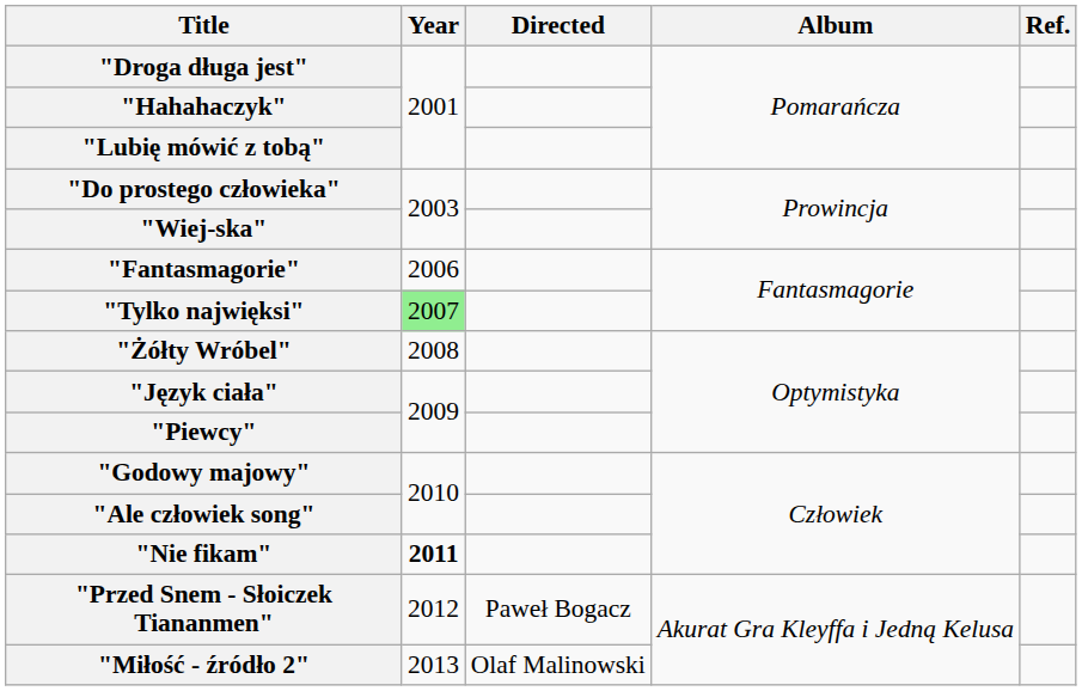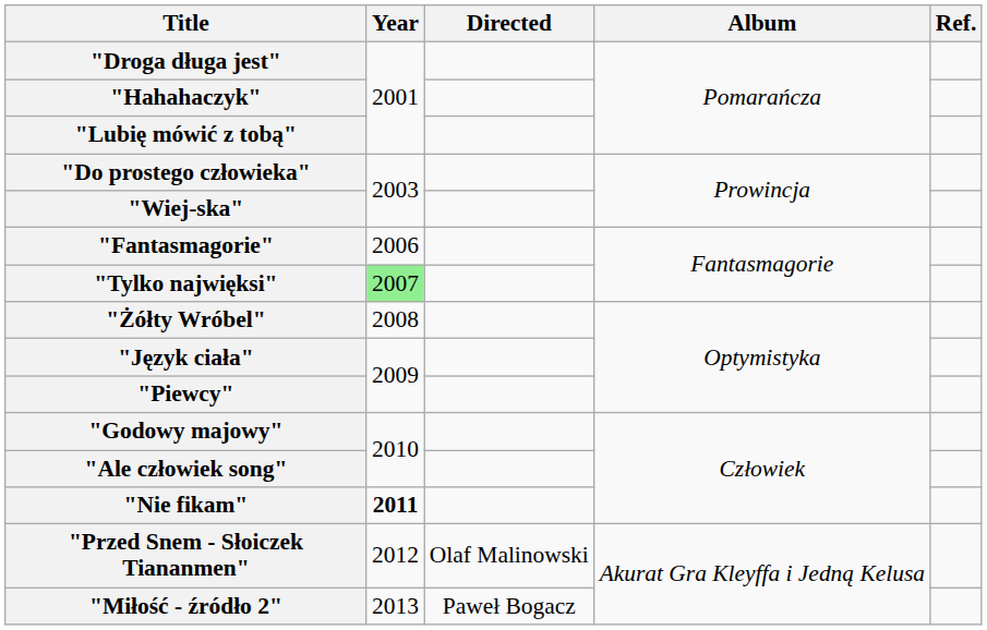 <table class="wikitable plainrowheaders" style="text-align:center;">
 <tr>
 <th scope="col" style="width:15em;">Title</th>
 <th scope="col">Year</th>
 <th scope="col">Directed</th>
 <th scope="col">Album</th>
 <th scope="col">Ref.</th>
 </tr>
 <tr>
 <th scope="row">"Droga długa jest"</th>
 <td rowspan=3>2001</td>
 <td></td>
 <td rowspan=3><em>Pomarańcza</em></td>
 <td></td>
 </tr>
 <tr>
 <th scope="row">"Hahahaczyk"</th>
 <td></td>
 <td></td>
 </tr>
 <tr>
 <th scope="row">"Lubię mówić z tobą"</th>
 <td></td>
 <td></td>
 </tr>
 <tr>
 <th scope="row">"Do prostego człowieka"</th>
 <td rowspan=2>2003</td>
 <td></td>
 <td rowspan=2><em>Prowincja</em></td>
 <td></td>
 </tr>
 <tr>
 <th scope="row">"Wiej-ska"</th>
 <td></td>
 <td></td>
 </tr>
 <tr>
 <th scope="row">"Fantasmagorie"</th>
 <td>2006</td>
 <td></td>
 <td rowspan=2><em>Fantasmagorie</em></td>
 <td></td>
 </tr>
 <tr>
 <th scope="row">"Tylko najwięksi"</th>
 <td style="background: lightgreen;">2007</td>
 <td></td>
 <td></td>
 </tr>
 <tr>
 <th scope="row">"Żółty Wróbel"</th>
 <td>2008</td>
 <td></td>
 <td rowspan=3><em>Optymistyka</em></td>
 <td></td>
 </tr>
 <tr>
 <th scope="row">"Język ciała"</th>
 <td rowspan=2>2009</td>
 <td></td>
 <td></td>
 </tr>
 <tr>
 <th scope="row">"Piewcy"</th>
 <td></td>
 <td></td>
 </tr>
 <tr>
 <th scope="row">"Godowy majowy"</th>
 <td rowspan=2>2010</td>
 <td></td>
 <td rowspan=3><em>Człowiek</em></td>
 <td></td>
 </tr>
 <tr>
 <th scope="row">"Ale człowiek song"</th>
 <td></td>
 <td></td>
 </tr>
 <tr>
 <th scope="row">"Nie fikam"</th>
 <td><strong>2011</strong></td>
 <td></td>
 <td></td>
 </tr>
 <tr>
 <th scope="row">"Przed Snem - Słoiczek Tiananmen"</th>
 <td>2012</td>
-<td>Paweł Bogacz</td>
+<td>Olaf Malinowski</td>
 <td rowspan=2><em>Akurat Gra Kleyffa i Jedną Kelusa</em></td>
 <td></td>
 </tr>
 <tr>
 <th scope="row">"Miłość - źródło 2"</th>
 <td>2013</td>
-<td>Olaf Malinowski</td>
+<td>Paweł Bogacz</td>
 <td></td>
 </tr>
 </table>
